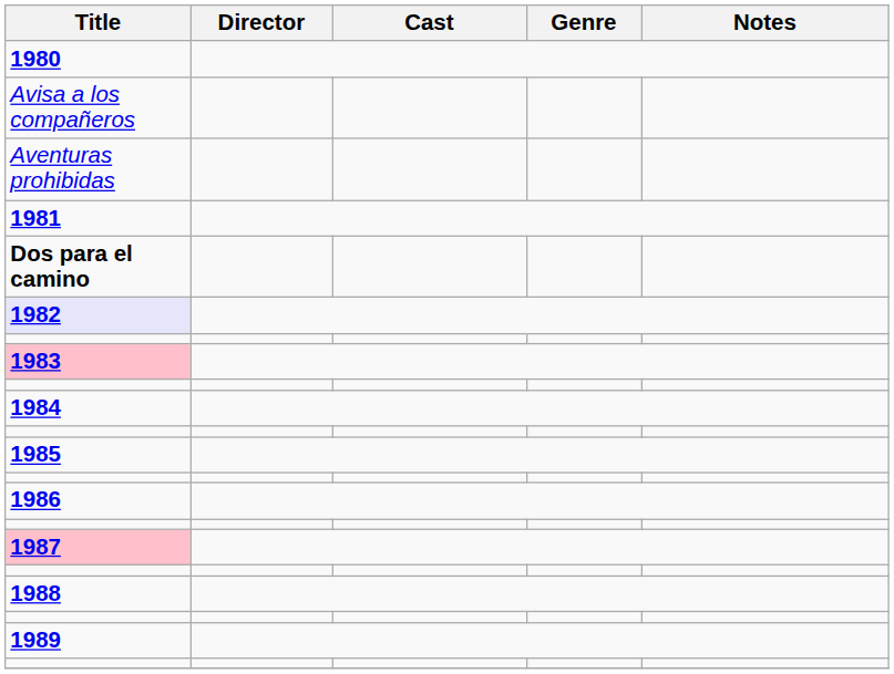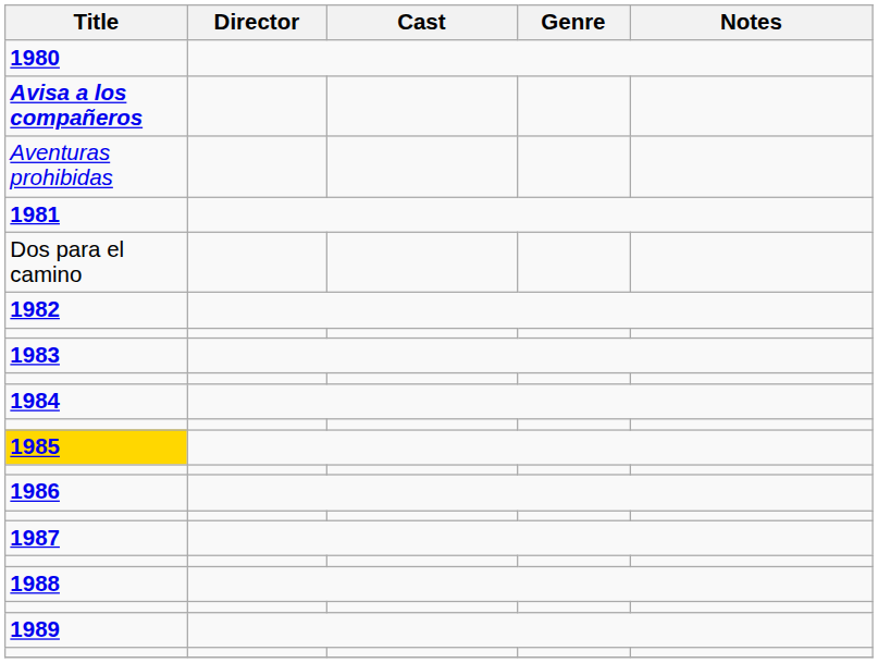 <table class="wikitable" width= "100%">
 <tr>
 <th width=21%>Title</th>
 <th width=16%>Director</th>
 <th width=22%>Cast</th>
 <th width=13%>Genre</th>
 <th width=28%>Notes</th>
 </tr>
 <tr>
 <td><strong><a href='#'>1980</a></strong></td>
 </tr>
 <tr>
-<td><em><a href='#'>Avisa a los compañeros</a></em></td>
+<td><strong><em><a href='#'>Avisa a los compañeros</a></em></strong></td>
 <td></td>
 <td></td>
 <td></td>
 <td></td>
 </tr>
 <tr>
 <td><em><a href='#'>Aventuras prohibidas</a></em></td>
 <td></td>
 <td></td>
 <td></td>
 <td></td>
 </tr>
 <tr>
 <td><strong><a href='#'>1981</a></strong></td>
 </tr>
 <tr>
-<td><strong>Dos para el camino</strong></td>
+<td>Dos para el camino</td>
 <td></td>
 <td></td>
 <td></td>
 <td></td>
 </tr>
 <tr>
-<td style="background: lavender;"><strong><a href='#'>1982</a></strong></td>
+<td><strong><a href='#'>1982</a></strong></td>
 </tr>
 <tr>
 <td></td>
 <td></td>
 <td></td>
 <td></td>
 <td></td>
 </tr>
 <tr>
-<td style="background: pink;"><strong><a href='#'>1983</a></strong></td>
+<td><strong><a href='#'>1983</a></strong></td>
 </tr>
 <tr>
 <td></td>
 <td></td>
 <td></td>
 <td></td>
 <td></td>
 </tr>
 <tr>
 <td><strong><a href='#'>1984</a></strong></td>
 </tr>
 <tr>
 <td></td>
 <td></td>
 <td></td>
 <td></td>
 <td></td>
 </tr>
 <tr>
-<td><strong><a href='#'>1985</a></strong></td>
+<td style="background: gold;"><strong><a href='#'>1985</a></strong></td>
 </tr>
 <tr>
 <td></td>
 <td></td>
 <td></td>
 <td></td>
 <td></td>
 </tr>
 <tr>
 <td><strong><a href='#'>1986</a></strong></td>
 </tr>
 <tr>
 <td></td>
 <td></td>
 <td></td>
 <td></td>
 <td></td>
 </tr>
 <tr>
-<td style="background: pink;"><strong><a href='#'>1987</a></strong></td>
+<td><strong><a href='#'>1987</a></strong></td>
 </tr>
 <tr>
 <td></td>
 <td></td>
 <td></td>
 <td></td>
 <td></td>
 </tr>
 <tr>
 <td><strong><a href='#'>1988</a></strong></td>
 </tr>
 <tr>
 <td></td>
 <td></td>
 <td></td>
 <td></td>
 <td></td>
 </tr>
 <tr>
 <td><strong><a href='#'>1989</a></strong></td>
 </tr>
 <tr>
 <td></td>
 <td></td>
 <td></td>
 <td></td>
 <td></td>
 </tr>
 <tr>
 </tr>
 </table>
